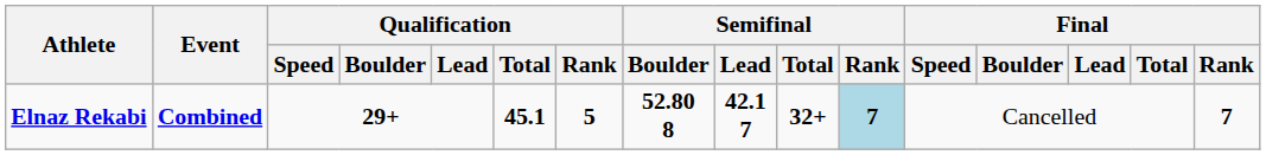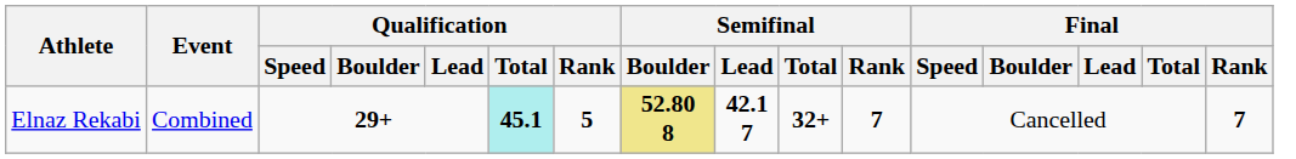 <table class="wikitable" style="font-size:90%">
 <tr>
 <th rowspan="2">Athlete</th>
 <th rowspan="2">Event</th>
 <th colspan="5">Qualification</th>
 <th colspan="4">Semifinal</th>
 <th colspan="5">Final</th>
 </tr>
 <tr>
 <th>Speed</th>
 <th>Boulder</th>
 <th>Lead</th>
 <th>Total</th>
 <th>Rank</th>
 <th>Boulder</th>
 <th>Lead</th>
 <th>Total</th>
 <th>Rank</th>
 <th>Speed</th>
 <th>Boulder</th>
 <th>Lead</th>
 <th>Total</th>
 <th>Rank</th>
 </tr>
 <tr>
-<td><strong><a href='#'>Elnaz Rekabi</a></strong></td>
-<td><strong><a href='#'>Combined</a></strong></td>
+<td><a href='#'>Elnaz Rekabi</a></td>
+<td><a href='#'>Combined</a></td>
 <td colspan="3" align=center><strong>29+</strong></td>
-<td align=center><strong>45.1</strong></td>
+<td align=center style="background: paleturquoise;"><strong>45.1</strong></td>
 <td align=center><strong>5</strong> <strong></strong></td>
-<td align=center><strong>52.80</strong><br><strong>8</strong> <strong></strong></td>
+<td align=center style="background: khaki;"><strong>52.80</strong><br><strong>8</strong> <strong></strong></td>
 <td align=center><strong>42.1</strong><br><strong>7</strong> <strong></strong></td>
 <td align=center><strong>32+</strong></td>
-<td align=center style="background: lightblue;"><strong>7</strong> <strong></strong></td>
+<td align=center><strong>7</strong> <strong></strong></td>
 <td Colspan=4 align=center>Cancelled</td>
 <td align=center><strong>7</strong></td>
 </tr>
 </table>
